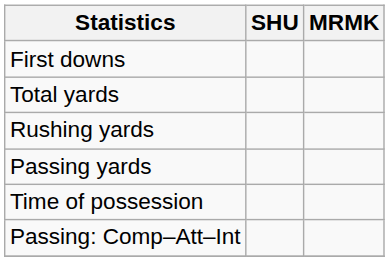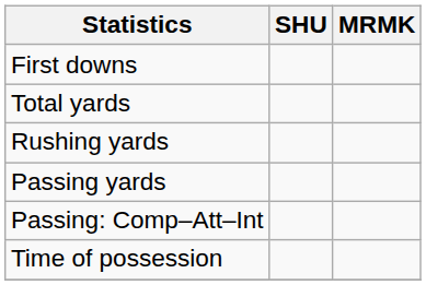 <table class="wikitable" style="float: left;">
 <tr>
 <th>Statistics</th>
 <th>SHU</th>
 <th>MRMK</th>
 </tr>
 <tr>
 <td>First downs</td>
 <td></td>
 <td></td>
 </tr>
 <tr>
 <td>Total yards</td>
 <td></td>
 <td></td>
 </tr>
 <tr>
 <td>Rushing yards</td>
 <td></td>
 <td></td>
 </tr>
 <tr>
 <td>Passing yards</td>
 <td></td>
 <td></td>
 </tr>
 <tr>
-<td>Time of possession</td>
+<td>Passing: Comp–Att–Int</td>
 <td></td>
 <td></td>
 </tr>
 <tr>
-<td>Passing: Comp–Att–Int</td>
+<td>Time of possession</td>
 <td></td>
 <td></td>
 </tr>
 <tr>
 </tr>
 </table>
